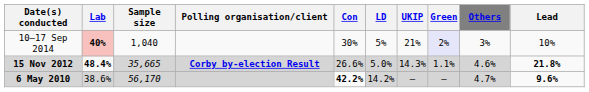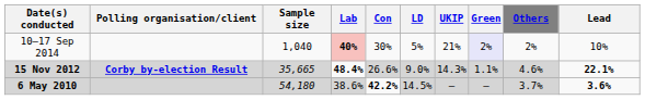 <table class="wikitable sortable" style="text-align:center;font-size:90%;line-height:14px">
 <tr>
 <th ! style="width:95px;">Date(s)<br>conducted</th>
+<th style="width:200px;">Polling organisation/client</th>
+<th class="unsortable" style="width:75px;">Sample size</th>
 <th class="unsortable" style="background:"><a href='#'><span>Lab</span></a></th>
-<th class="unsortable" style="width:75px;">Sample size</th>
-<th style="width:200px;">Polling organisation/client</th>
 <th class="unsortable" style="background:"><a href='#'><span>Con</span></a></th>
 <th class="unsortable" style="background:"><a href='#'><span>LD</span></a></th>
 <th class="unsortable" style="background:"><a href='#'><span>UKIP</span></a></th>
 <th class="unsortable" style="background:"><a href='#'><span>Green</span></a></th>
 <th class="unsortable" style="background:gray; width:60px;"><a href='#'><span>Others</span></a></th>
 <th class="unsortable" style="width:90px;">Lead</th>
 </tr>
 <tr>
 <td>10–17 Sep 2014</td>
+<td></td>
+<td>1,040</td>
 <td style="background:#F8C1BE"><strong>40%</strong></td>
-<td>1,040</td>
-<td></td>
 <td>30%</td>
 <td>5%</td>
 <td>21%</td>
 <td style="background: lavender;">2%</td>
-<td>3%</td>
+<td>2%</td>
 <td style="background:">10%</td>
 </tr>
 <tr>
 <td style="background:#D5D5D5"><strong>15 Nov 2012</strong></td>
+<td style="background:#D5D5D5"><strong><a href='#'>Corby by-election Result</a></strong></td>
+<td style="background:#D5D5D5"><em>35,665</em></td>
 <td style="background:"><strong>48.4%</strong></td>
-<td style="background:#D5D5D5"><em>35,665</em></td>
-<td style="background:#D5D5D5"><strong><a href='#'>Corby by-election Result</a></strong></td>
 <td style="background:#D5D5D5">26.6%</td>
-<td style="background:#D5D5D5">5.0%</td>
+<td style="background:#D5D5D5">9.0%</td>
 <td style="background:#D5D5D5">14.3%</td>
 <td style="background:#D5D5D5">1.1%</td>
 <td style="background:#D5D5D5">4.6%</td>
-<td style="background:"><strong>21.8% </strong></td>
+<td style="background:"><strong>22.1% </strong></td>
 </tr>
 <tr>
 <td style="background:#D5D5D5"><strong>6 May 2010</strong></td>
+<td style="background:#D5D5D5"></td>
+<td style="background:#D5D5D5"><em>54,180</em></td>
 <td style="background:#D5D5D5">38.6%</td>
-<td style="background:#D5D5D5"><em>56,170</em></td>
-<td style="background:#D5D5D5"></td>
 <td style="background:"><strong>42.2%</strong></td>
-<td style="background:#D5D5D5">14.2%</td>
+<td style="background:#D5D5D5">14.5%</td>
 <td style="background:#D5D5D5">–</td>
 <td style="background:#D5D5D5">–</td>
-<td style="background:#D5D5D5">4.7%</td>
-<td style="background:"><strong>9.6% </strong></td>
+<td style="background:#D5D5D5">3.7%</td>
+<td style="background:"><strong>3.6% </strong></td>
 </tr>
 </table>
